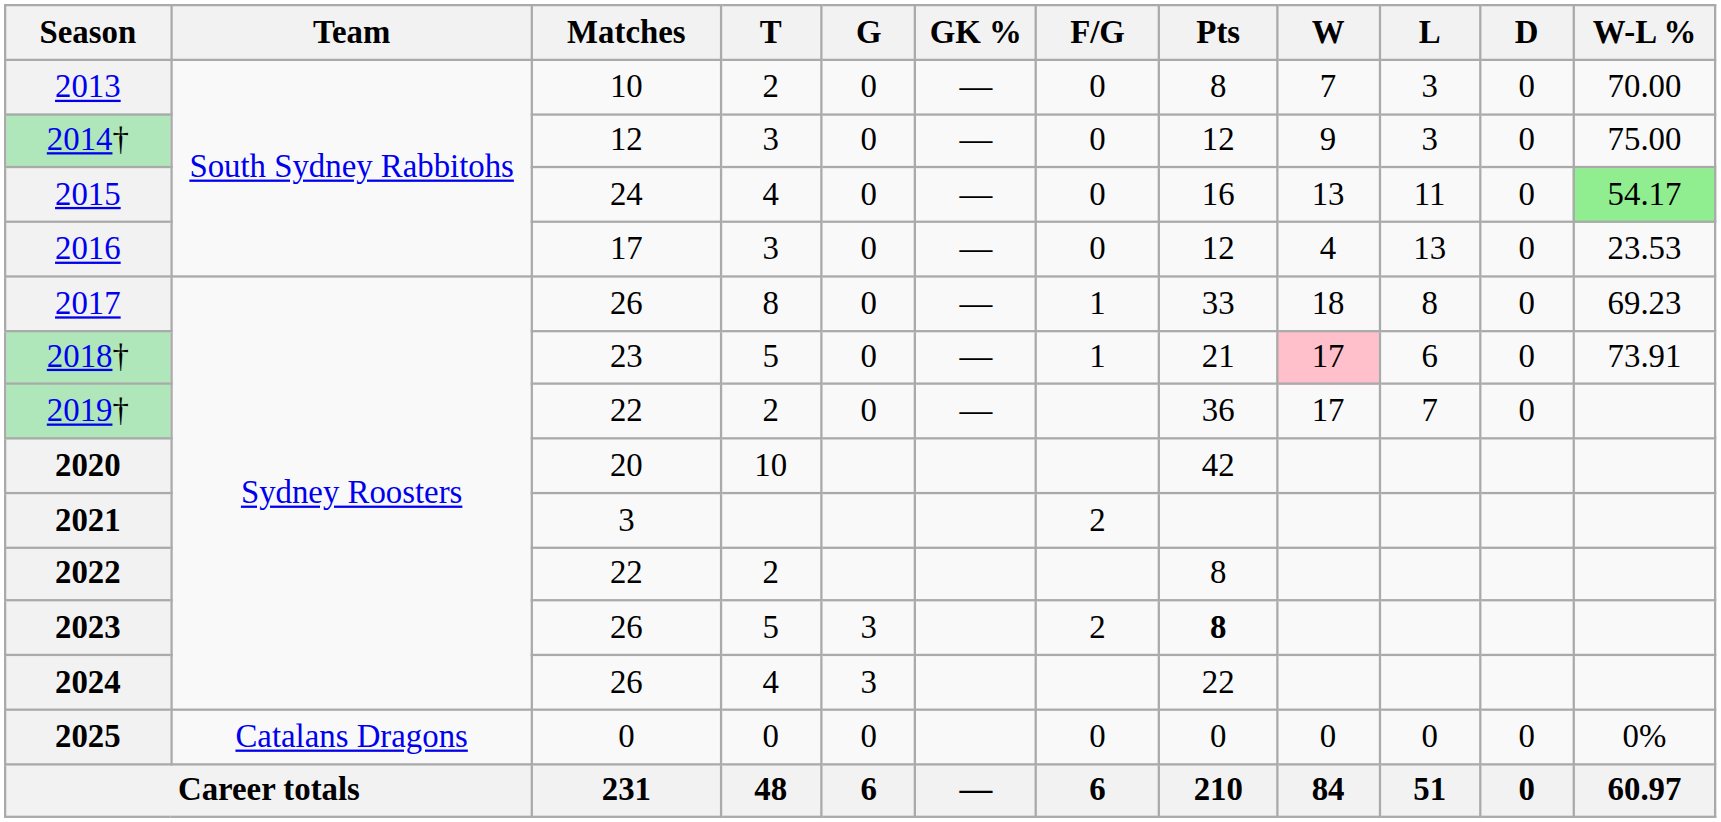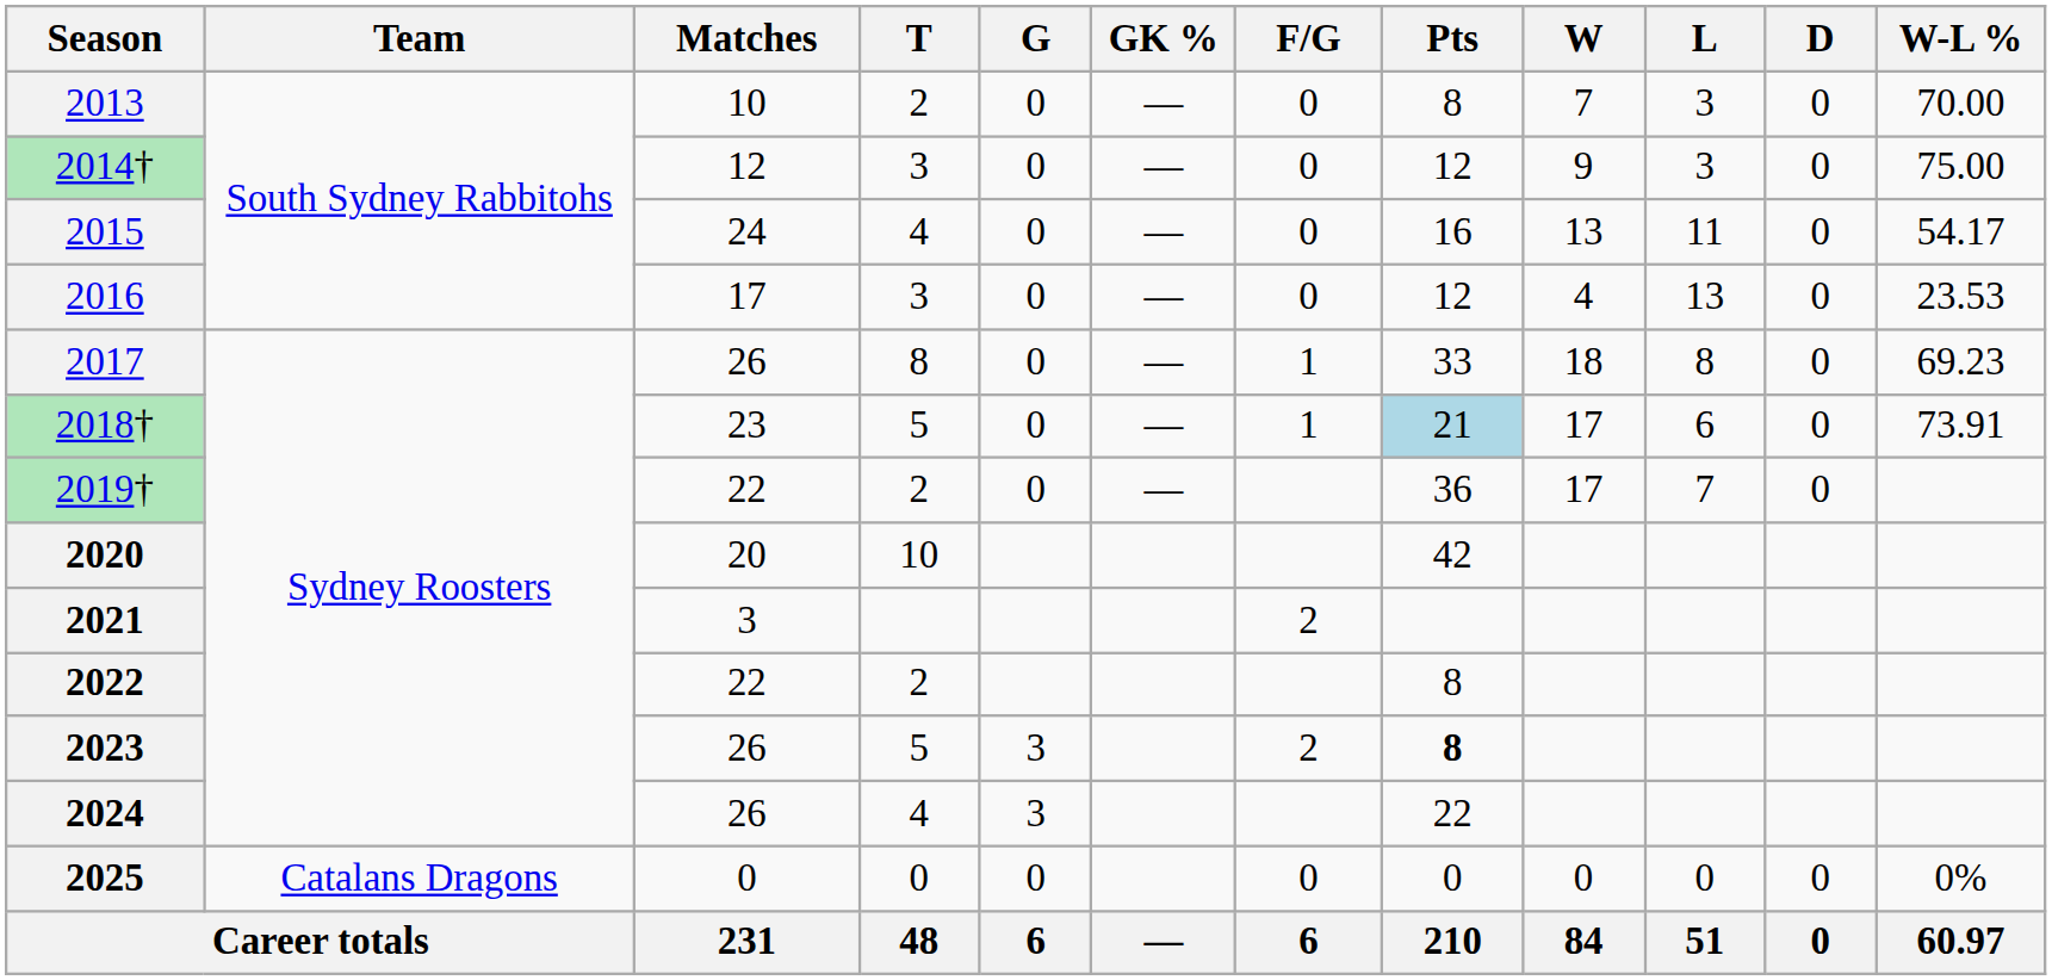 <table class="wikitable sortable"  style="font-size:90%; text-align:center; width:85%;">
 <tr>
 <th width=2%>Season</th>
 <th width=8%>Team</th>
 <th width=2%>Matches</th>
 <th width=2%>T</th>
 <th width=2%>G</th>
 <th width=2%>GK %</th>
 <th width=2%>F/G</th>
 <th width=2%>Pts</th>
 <th width=2%>W</th>
 <th width=2%>L</th>
 <th width=2%>D</th>
 <th width=2%>W-L %</th>
 </tr>
 <tr>
 <th scope="row" style="text-align:center; font-weight:normal"><a href='#'>2013</a></th>
 <td rowspan="4" style="text-align:center;"> <a href='#'>South Sydney Rabbitohs</a></td>
 <td>10</td>
 <td>2</td>
 <td>0</td>
 <td>—</td>
 <td>0</td>
 <td>8</td>
 <td>7</td>
 <td>3</td>
 <td>0</td>
 <td>70.00</td>
 </tr>
 <tr>
 <th scope="row" style="text-align:center; background:#afe6ba; font-weight:normal"><a href='#'>2014</a>†</th>
 <td>12</td>
 <td>3</td>
 <td>0</td>
 <td>—</td>
 <td>0</td>
 <td>12</td>
 <td>9</td>
 <td>3</td>
 <td>0</td>
 <td>75.00</td>
 </tr>
 <tr>
 <th scope="row" style="text-align:center; font-weight:normal"><a href='#'>2015</a></th>
 <td>24</td>
 <td>4</td>
 <td>0</td>
 <td>—</td>
 <td>0</td>
 <td>16</td>
 <td>13</td>
 <td>11</td>
 <td>0</td>
-<td style="background: lightgreen;">54.17</td>
+<td>54.17</td>
 </tr>
 <tr>
 <th scope="row" style="text-align:center; font-weight:normal"><a href='#'>2016</a></th>
 <td>17</td>
 <td>3</td>
 <td>0</td>
 <td>—</td>
 <td>0</td>
 <td>12</td>
 <td>4</td>
 <td>13</td>
 <td>0</td>
 <td>23.53</td>
 </tr>
 <tr>
 <th scope="row" style="text-align:center; font-weight:normal"><a href='#'>2017</a></th>
 <td rowspan="8" style="text-align:center;"> <a href='#'>Sydney Roosters</a></td>
 <td>26</td>
 <td>8</td>
 <td>0</td>
 <td>—</td>
 <td>1</td>
 <td>33</td>
 <td>18</td>
 <td>8</td>
 <td>0</td>
 <td>69.23</td>
 </tr>
 <tr>
 <th scope="row" style="text-align:center;background:#afe6ba; font-weight:normal"><a href='#'>2018</a>†</th>
 <td>23</td>
 <td>5</td>
 <td>0</td>
 <td>—</td>
 <td>1</td>
-<td>21</td>
-<td style="background: pink;">17</td>
+<td style="background: lightblue;">21</td>
+<td>17</td>
 <td>6</td>
 <td>0</td>
 <td>73.91</td>
 </tr>
 <tr>
 <th scope="row" style="text-align:center;background:#afe6ba; font-weight:normal"><a href='#'>2019</a>†</th>
 <td>22</td>
 <td>2</td>
 <td>0</td>
 <td>—</td>
 <td></td>
 <td>36</td>
 <td>17</td>
 <td>7</td>
 <td>0</td>
 <td></td>
 </tr>
 <tr>
 <th>2020</th>
 <td>20</td>
 <td>10</td>
 <td></td>
 <td></td>
 <td></td>
 <td>42</td>
 <td></td>
 <td></td>
 <td></td>
 <td></td>
 </tr>
 <tr>
 <th>2021</th>
 <td>3</td>
 <td></td>
 <td></td>
 <td></td>
 <td>2</td>
 <td></td>
 <td></td>
 <td></td>
 <td></td>
 <td></td>
 </tr>
 <tr>
 <th>2022</th>
 <td>22</td>
 <td>2</td>
 <td></td>
 <td></td>
 <td></td>
 <td>8</td>
 <td></td>
 <td></td>
 <td></td>
 <td></td>
 </tr>
 <tr>
 <th>2023</th>
 <td>26</td>
 <td>5</td>
 <td>3</td>
 <td></td>
 <td>2</td>
 <td><strong>8</strong></td>
 <td></td>
 <td></td>
 <td></td>
 <td></td>
 </tr>
 <tr>
 <th>2024</th>
 <td>26</td>
 <td>4</td>
 <td>3</td>
 <td></td>
 <td></td>
 <td>22</td>
 <td></td>
 <td></td>
 <td></td>
 <td></td>
 </tr>
 <tr>
 <th>2025</th>
 <td><a href='#'>Catalans Dragons</a></td>
 <td>0</td>
 <td>0</td>
 <td>0</td>
 <td></td>
 <td>0</td>
 <td>0</td>
 <td>0</td>
 <td>0</td>
 <td>0</td>
 <td>0%</td>
 </tr>
 <tr class="sortbottom">
 <th colspan="2">Career totals</th>
 <th>231</th>
 <th>48</th>
 <th>6</th>
 <th>—</th>
 <th>6</th>
 <th>210</th>
 <th>84</th>
 <th>51</th>
 <th>0</th>
 <th>60.97</th>
 </tr>
 </table>
